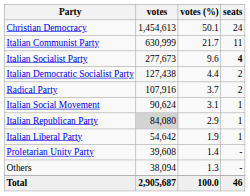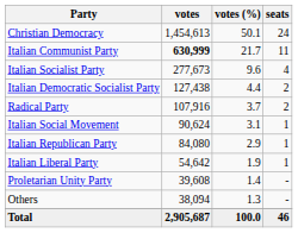 <table class="wikitable" style="font-size:95%">
 <tr bgcolor="EFEFEF">
 <th>Party</th>
 <th>votes</th>
 <th>votes (%)</th>
 <th>seats</th>
 </tr>
 <tr>
 <td><a href='#'>Christian Democracy</a></td>
 <td align=right>1,454,613</td>
 <td align=right>50.1</td>
 <td align=right>24</td>
 </tr>
 <tr>
 <td><a href='#'>Italian Communist Party</a></td>
-<td align=right>630,999</td>
+<td align=right><strong>630,999</strong></td>
 <td align=right>21.7</td>
 <td align=right>11</td>
 </tr>
 <tr>
 <td><a href='#'>Italian Socialist Party</a></td>
 <td align=right>277,673</td>
 <td align=right>9.6</td>
-<td align=right><strong>4</strong></td>
+<td align=right>4</td>
 </tr>
 <tr>
 <td><a href='#'>Italian Democratic Socialist Party</a></td>
 <td align=right>127,438</td>
 <td align=right>4.4</td>
 <td align=right>2</td>
 </tr>
 <tr>
 <td><a href='#'>Radical Party</a></td>
 <td align=right>107,916</td>
 <td align=right>3.7</td>
 <td align=right>2</td>
 </tr>
 <tr>
 <td><a href='#'>Italian Social Movement</a></td>
 <td align=right>90,624</td>
 <td align=right>3.1</td>
 <td align=right>1</td>
 </tr>
 <tr>
 <td><a href='#'>Italian Republican Party</a></td>
-<td align=right style="background: lightgrey;">84,080</td>
+<td align=right>84,080</td>
 <td align=right>2.9</td>
 <td align=right>1</td>
 </tr>
 <tr>
 <td><a href='#'>Italian Liberal Party</a></td>
 <td align=right>54,642</td>
 <td align=right>1.9</td>
 <td align=right>1</td>
 </tr>
 <tr>
 <td><a href='#'>Proletarian Unity Party</a></td>
 <td align=right>39,608</td>
 <td align=right>1.4</td>
 <td align=right>-</td>
 </tr>
 <tr>
 <td>Others</td>
 <td align=right>38,094</td>
 <td align=right>1.3</td>
 <td align=right>-</td>
 </tr>
 <tr>
 </tr>
 <tr bgcolor="EFEFEF">
 <td><strong>Total</strong></td>
 <td align=right><strong>2,905,687</strong></td>
 <td align=right><strong>100.0</strong></td>
 <td align=right><strong>46</strong></td>
 </tr>
 </table>
